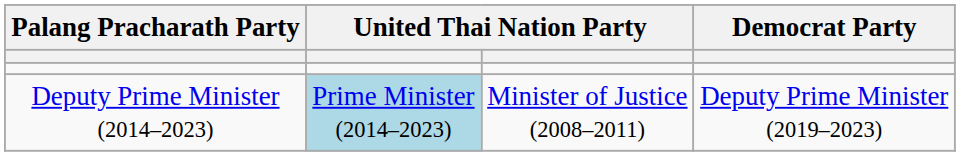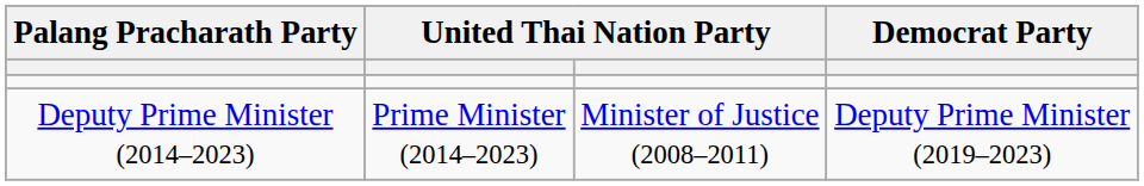 <table class="wikitable" style="font-size:90%; text-align:center;">
 <tr>
 <td style="background:#f1f1f1;"><strong>Palang Pracharath Party</strong></td>
 <td colspan="2" style="background:#f1f1f1;"><strong>United Thai Nation Party</strong></td>
 <td style="background:#f1f1f1;"><strong>Democrat Party</strong></td>
 </tr>
 <tr>
 <th style="background:"><a href='#'></a></th>
 <th style="background:"><a href='#'></a></th>
 <th style="background:"></th>
 <th style="background:"></th>
 </tr>
 <tr>
 <td></td>
 <td></td>
 <td></td>
 <td></td>
 </tr>
 <tr>
 <td><a href='#'>Deputy Prime Minister</a><br><small>(2014–2023)</small></td>
-<td style="background: lightblue;"><a href='#'>Prime Minister</a><br><small>(2014–2023)</small></td>
+<td><a href='#'>Prime Minister</a><br><small>(2014–2023)</small></td>
 <td><a href='#'>Minister of Justice</a> <br><small>(2008–2011)</small></td>
 <td><a href='#'>Deputy Prime Minister</a><br><small>(2019–2023)</small></td>
 </tr>
 </table>
